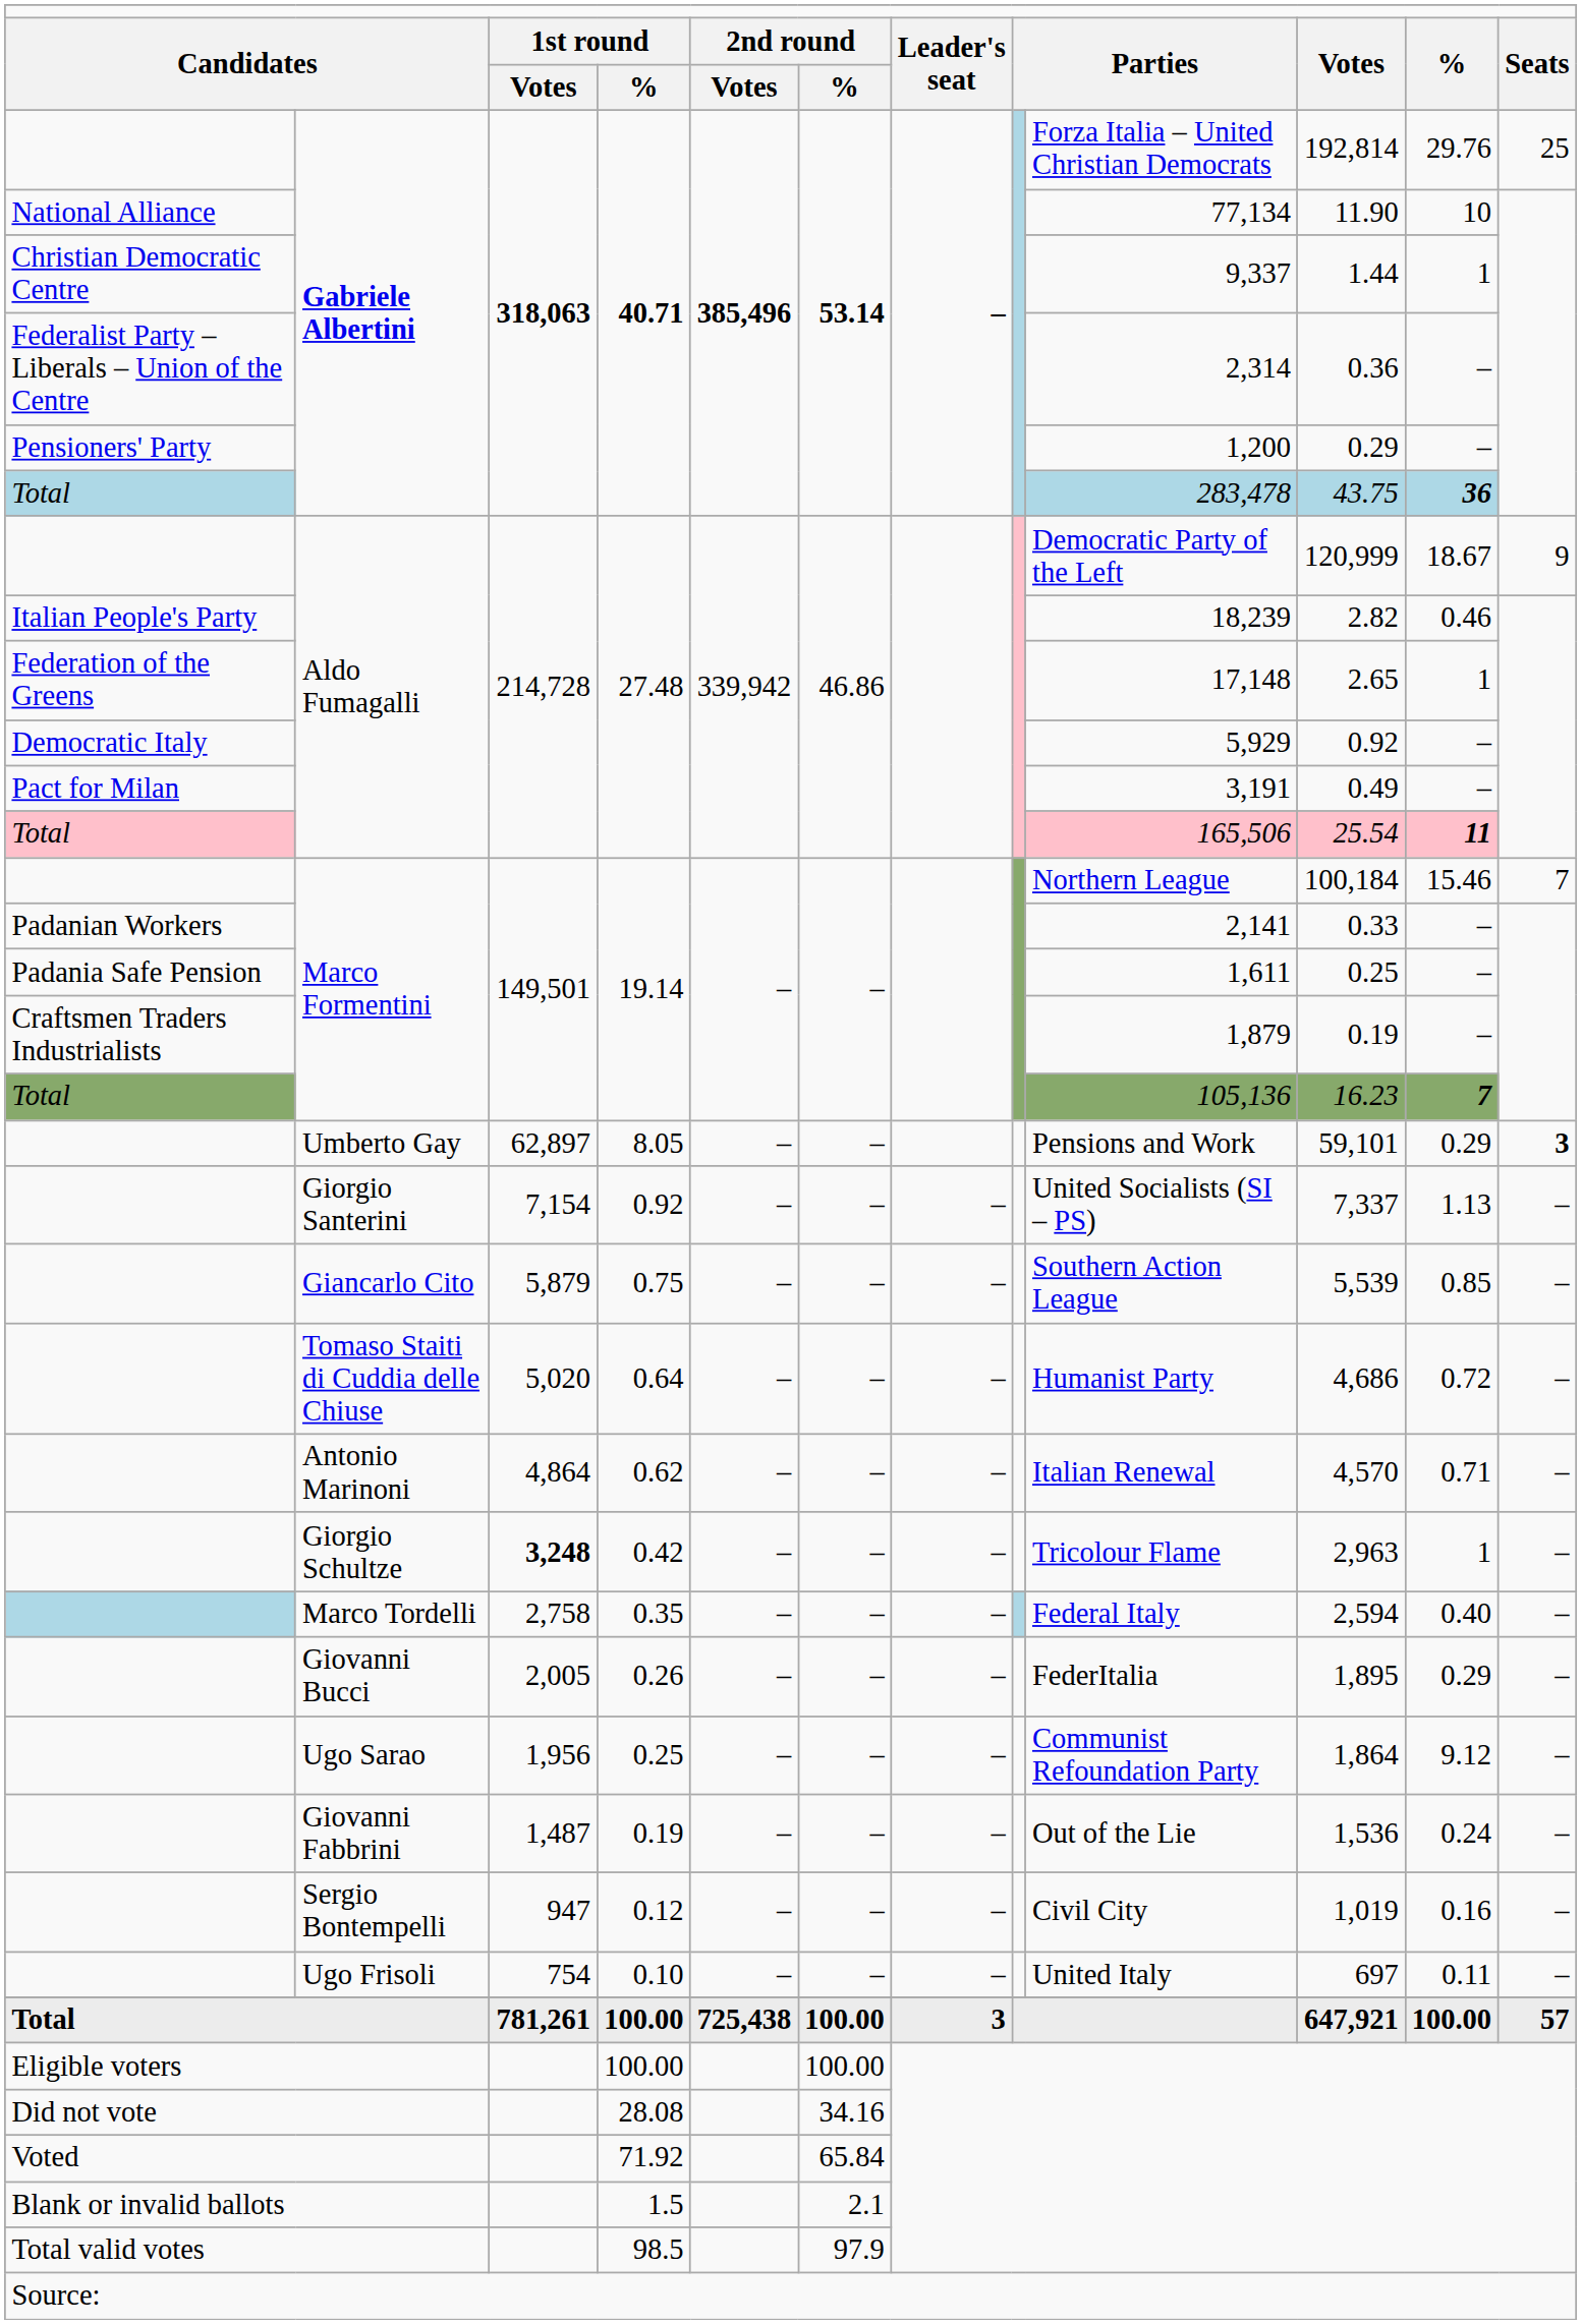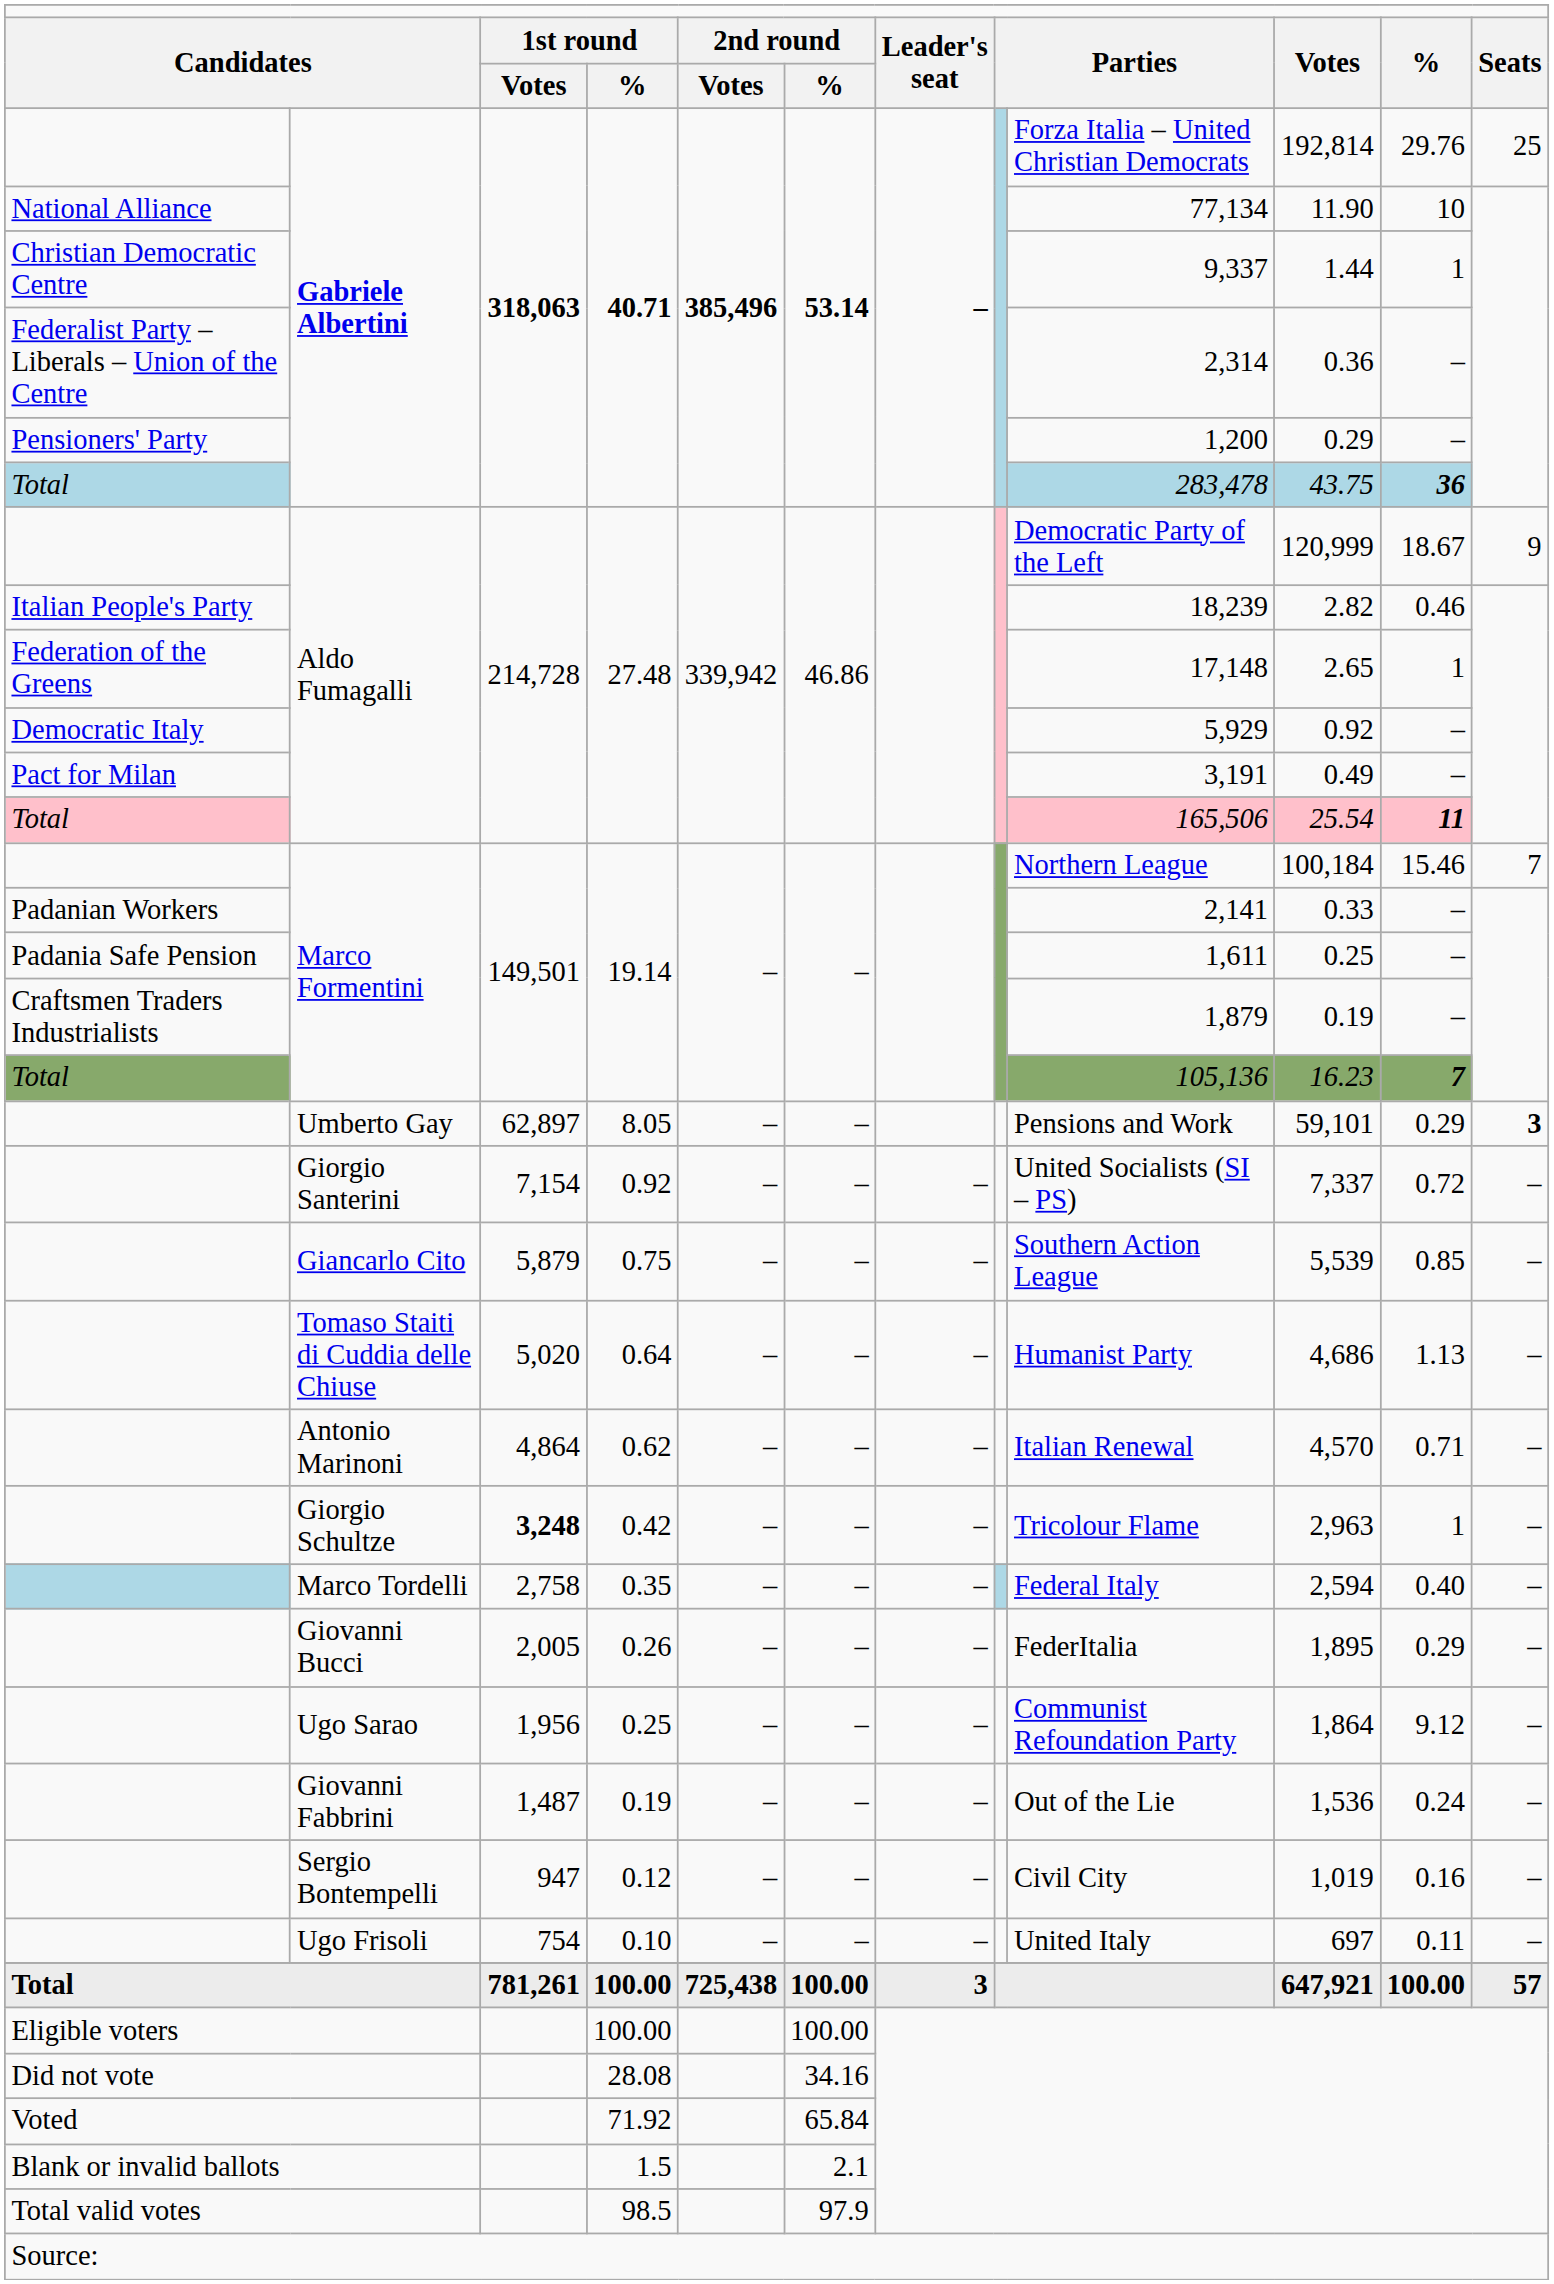 <table class="wikitable" style="text-align:left">
 <tr>
 <td colspan="12"></td>
 </tr>
 <tr>
 <th rowspan=2 colspan="2">Candidates</th>
 <th colspan=2>1st round</th>
 <th colspan=2>2nd round</th>
 <th rowspan=2>Leader's<br>seat</th>
 <th rowspan=2 colspan=2>Parties</th>
 <th rowspan=2>Votes</th>
 <th rowspan=2>%</th>
 <th rowspan=2>Seats</th>
 </tr>
 <tr>
 <th>Votes</th>
 <th>%</th>
 <th>Votes</th>
 <th>%</th>
 </tr>
 <tr>
 <td></td>
 <td rowspan=6><strong><a href='#'>Gabriele Albertini</a></strong></td>
 <td rowspan=6 align=right><strong>318,063</strong></td>
 <td rowspan=6 align=right><strong>40.71</strong></td>
 <td rowspan=6 align=right><strong>385,496</strong></td>
 <td rowspan=6 align=right><strong>53.14</strong></td>
 <td rowspan=6 align=right><strong>–</strong></td>
 <td rowspan=6 bgcolor="lightblue"></td>
 <td><a href='#'>Forza Italia</a> – <a href='#'>United Christian Democrats</a></td>
 <td align=right>192,814</td>
 <td align=right>29.76</td>
 <td align=right>25</td>
 </tr>
 <tr>
 <td><a href='#'>National Alliance</a></td>
 <td align=right>77,134</td>
 <td align=right>11.90</td>
 <td align=right>10</td>
 </tr>
 <tr>
 <td><a href='#'>Christian Democratic Centre</a></td>
 <td align=right>9,337</td>
 <td align=right>1.44</td>
 <td align=right>1</td>
 </tr>
 <tr>
 <td><a href='#'>Federalist Party</a> – Liberals – <a href='#'>Union of the Centre</a></td>
 <td align=right>2,314</td>
 <td align=right>0.36</td>
 <td align=right>–</td>
 </tr>
 <tr>
 <td><a href='#'>Pensioners' Party</a></td>
 <td align=right>1,200</td>
 <td align=right>0.29</td>
 <td align=right>–</td>
 </tr>
 <tr>
 <td bgcolor="lightblue"><em>Total</em></td>
 <td bgcolor="lightblue" align=right><em>283,478</em></td>
 <td bgcolor="lightblue" align=right><em>43.75</em></td>
 <td bgcolor="lightblue" align=right><strong><em>36</em></strong></td>
 </tr>
 <tr>
 <td></td>
 <td rowspan=6>Aldo Fumagalli</td>
 <td rowspan=6 align=right>214,728</td>
 <td rowspan=6 align=right>27.48</td>
 <td rowspan=6 align=right>339,942</td>
 <td rowspan=6 align=right>46.86</td>
 <td rowspan=6 align=right></td>
 <td rowspan=6 bgcolor="pink"></td>
 <td><a href='#'>Democratic Party of the Left</a></td>
 <td align=right>120,999</td>
 <td align=right>18.67</td>
 <td align=right>9</td>
 </tr>
 <tr>
 <td><a href='#'>Italian People's Party</a></td>
 <td align=right>18,239</td>
 <td align=right>2.82</td>
 <td align=right>0.46</td>
 </tr>
 <tr>
 <td><a href='#'>Federation of the Greens</a></td>
 <td align=right>17,148</td>
 <td align=right>2.65</td>
 <td align=right>1</td>
 </tr>
 <tr>
 <td><a href='#'>Democratic Italy</a></td>
 <td align=right>5,929</td>
 <td align=right>0.92</td>
 <td align=right>–</td>
 </tr>
 <tr>
 <td><a href='#'>Pact for Milan</a></td>
 <td align=right>3,191</td>
 <td align=right>0.49</td>
 <td align=right>–</td>
 </tr>
 <tr>
 <td bgcolor="pink"><em>Total</em></td>
 <td bgcolor="pink" align=right><em>165,506</em></td>
 <td bgcolor="pink" align=right><em>25.54</em></td>
 <td bgcolor="pink" align=right><strong><em>11</em></strong></td>
 </tr>
 <tr>
 <td></td>
 <td rowspan=5><a href='#'>Marco Formentini</a></td>
 <td rowspan=5 align=right>149,501</td>
 <td rowspan=5 align=right>19.14</td>
 <td rowspan=5 align=right>–</td>
 <td rowspan=5 align=right>–</td>
 <td rowspan=5 align=right></td>
 <td rowspan=5 bgcolor="#87A96B"></td>
 <td><a href='#'>Northern League</a></td>
 <td align=right>100,184</td>
 <td align=right>15.46</td>
 <td align=right>7</td>
 </tr>
 <tr>
 <td>Padanian Workers</td>
 <td align=right>2,141</td>
 <td align=right>0.33</td>
 <td align=right>–</td>
 </tr>
 <tr>
 <td>Padania Safe Pension</td>
 <td align=right>1,611</td>
 <td align=right>0.25</td>
 <td align=right>–</td>
 </tr>
 <tr>
 <td>Craftsmen Traders Industrialists</td>
 <td align=right>1,879</td>
 <td align=right>0.19</td>
 <td align=right>–</td>
 </tr>
 <tr>
 <td bgcolor="#87A96B"><em>Total</em></td>
 <td bgcolor="#87A96B" align=right><em>105,136</em></td>
 <td bgcolor="#87A96B" align=right><em>16.23</em></td>
 <td bgcolor="#87A96B" align=right><strong><em>7</em></strong></td>
 </tr>
 <tr>
 <td></td>
 <td>Umberto Gay</td>
 <td align=right>62,897</td>
 <td align=right>8.05</td>
 <td align=right>–</td>
 <td align=right>–</td>
 <td align=right></td>
 <td bgcolor=></td>
 <td>Pensions and Work</td>
 <td align=right>59,101</td>
 <td align=right>0.29</td>
 <td align=right><strong>3</strong></td>
 </tr>
 <tr>
 <td></td>
 <td>Giorgio Santerini</td>
 <td align=right>7,154</td>
 <td align=right>0.92</td>
 <td align=right>–</td>
 <td align=right>–</td>
 <td align=right>–</td>
 <td></td>
 <td>United Socialists (<a href='#'>SI</a> – <a href='#'>PS</a>)</td>
 <td align=right>7,337</td>
-<td align=right>1.13</td>
+<td align=right>0.72</td>
 <td align=right>–</td>
 </tr>
 <tr>
 <td></td>
 <td><a href='#'>Giancarlo Cito</a></td>
 <td align=right>5,879</td>
 <td align=right>0.75</td>
 <td align=right>–</td>
 <td align=right>–</td>
 <td align=right>–</td>
 <td></td>
 <td><a href='#'>Southern Action League</a></td>
 <td align=right>5,539</td>
 <td align=right>0.85</td>
 <td align=right>–</td>
 </tr>
 <tr>
 <td></td>
 <td><a href='#'>Tomaso Staiti<br>di Cuddia delle Chiuse</a></td>
 <td align=right>5,020</td>
 <td align=right>0.64</td>
 <td align=right>–</td>
 <td align=right>–</td>
 <td align=right>–</td>
 <td></td>
 <td><a href='#'>Humanist Party</a></td>
 <td align=right>4,686</td>
-<td align=right>0.72</td>
+<td align=right>1.13</td>
 <td align=right>–</td>
 </tr>
 <tr>
 <td></td>
 <td>Antonio Marinoni</td>
 <td align=right>4,864</td>
 <td align=right>0.62</td>
 <td align=right>–</td>
 <td align=right>–</td>
 <td align=right>–</td>
 <td></td>
 <td><a href='#'>Italian Renewal</a></td>
 <td align=right>4,570</td>
 <td align=right>0.71</td>
 <td align=right>–</td>
 </tr>
 <tr>
 <td></td>
 <td>Giorgio Schultze</td>
 <td align=right><strong>3,248</strong></td>
 <td align=right>0.42</td>
 <td align=right>–</td>
 <td align=right>–</td>
 <td align=right>–</td>
 <td></td>
 <td><a href='#'>Tricolour Flame</a></td>
 <td align=right>2,963</td>
 <td align=right>1</td>
 <td align=right>–</td>
 </tr>
 <tr>
 <td bgcolor="lightblue"></td>
 <td>Marco Tordelli</td>
 <td align=right>2,758</td>
 <td align=right>0.35</td>
 <td align=right>–</td>
 <td align=right>–</td>
 <td align=right>–</td>
 <td bgcolor="lightblue"></td>
 <td><a href='#'>Federal Italy</a></td>
 <td align=right>2,594</td>
 <td align=right>0.40</td>
 <td align=right>–</td>
 </tr>
 <tr>
 <td></td>
 <td>Giovanni Bucci</td>
 <td align=right>2,005</td>
 <td align=right>0.26</td>
 <td align=right>–</td>
 <td align=right>–</td>
 <td align=right>–</td>
 <td></td>
 <td>FederItalia</td>
 <td align=right>1,895</td>
 <td align=right>0.29</td>
 <td align=right>–</td>
 </tr>
 <tr>
 <td></td>
 <td>Ugo Sarao</td>
 <td align=right>1,956</td>
 <td align=right>0.25</td>
 <td align=right>–</td>
 <td align=right>–</td>
 <td align=right>–</td>
 <td></td>
 <td><a href='#'>Communist Refoundation Party</a></td>
 <td align=right>1,864</td>
 <td align=right>9.12</td>
 <td align=right>–</td>
 </tr>
 <tr>
 <td></td>
 <td>Giovanni Fabbrini</td>
 <td align=right>1,487</td>
 <td align=right>0.19</td>
 <td align=right>–</td>
 <td align=right>–</td>
 <td align=right>–</td>
 <td></td>
 <td>Out of the Lie</td>
 <td align=right>1,536</td>
 <td align=right>0.24</td>
 <td align=right>–</td>
 </tr>
 <tr>
 <td></td>
 <td>Sergio Bontempelli</td>
 <td align=right>947</td>
 <td align=right>0.12</td>
 <td align=right>–</td>
 <td align=right>–</td>
 <td align=right>–</td>
 <td></td>
 <td>Civil City</td>
 <td align=right>1,019</td>
 <td align=right>0.16</td>
 <td align=right>–</td>
 </tr>
 <tr>
 <td></td>
 <td>Ugo Frisoli</td>
 <td align=right>754</td>
 <td align=right>0.10</td>
 <td align=right>–</td>
 <td align=right>–</td>
 <td align=right>–</td>
 <td></td>
 <td>United Italy</td>
 <td align=right>697</td>
 <td align=right>0.11</td>
 <td align=right>–</td>
 </tr>
 <tr>
 </tr>
 <tr bgcolor=ececec>
 <td colspan="2"><strong>Total</strong></td>
 <td align=right><strong>781,261</strong></td>
 <td align=right><strong>100.00</strong></td>
 <td align=right><strong>725,438</strong></td>
 <td align=right><strong>100.00</strong></td>
 <td align=right><strong>3</strong></td>
 <td align=right colspan=2></td>
 <td align=right><strong>647,921</strong></td>
 <td align=right><strong>100.00</strong></td>
 <td align=right><strong>57</strong></td>
 </tr>
 <tr>
 <td colspan=2>Eligible voters</td>
 <td style="text-align: right"></td>
 <td style="text-align: right">100.00</td>
 <td style="text-align: right"></td>
 <td style="text-align: right">100.00</td>
 <td rowspan=5 colspan=6></td>
 </tr>
 <tr>
 <td colspan=2>Did not vote</td>
 <td style="text-align: right"></td>
 <td style="text-align: right">28.08</td>
 <td style="text-align: right"></td>
 <td style="text-align: right">34.16</td>
 </tr>
 <tr>
 <td colspan=2>Voted</td>
 <td style="text-align: right"></td>
 <td style="text-align: right">71.92</td>
 <td style="text-align: right"></td>
 <td style="text-align: right">65.84</td>
 </tr>
 <tr>
 <td colspan=2>Blank or invalid ballots</td>
 <td style="text-align: right"></td>
 <td style="text-align: right">1.5</td>
 <td style="text-align: right"></td>
 <td style="text-align: right">2.1</td>
 </tr>
 <tr>
 <td colspan=2>Total valid votes</td>
 <td style="text-align: right"></td>
 <td style="text-align: right">98.5</td>
 <td style="text-align: right"></td>
 <td style="text-align: right">97.9</td>
 </tr>
 <tr>
 <td style="text-align:left;" colspan="12">Source: </td>
 </tr>
 </table>
